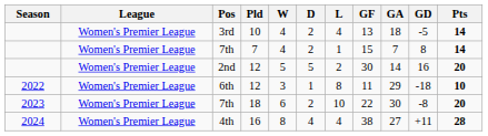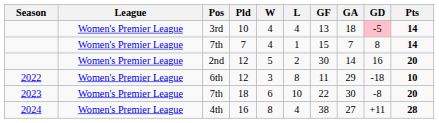 <table class="wikitable" style="width:42em; text-align: center;">
 <tr>
 <th style="width:10%;">Season</th>
 <th style="width:27%;">League</th>
 <th style="width:5%;">Pos</th>
 <th style="width:5%;">Pld</th>
 <th style="width:5%;">W</th>
-<th style="width:5%;">D</th>
 <th style="width:5%;">L</th>
 <th style="width:5%;">GF</th>
 <th style="width:5%;">GA</th>
 <th style="width:5%;">GD</th>
 <th style="width:8%;">Pts</th>
 </tr>
 <tr>
 <td></td>
 <td><a href='#'>Women's Premier League</a></td>
 <td>3rd</td>
 <td>10</td>
 <td>4</td>
-<td>2</td>
 <td>4</td>
 <td>13</td>
 <td>18</td>
-<td>-5</td>
+<td style="background: pink;">-5</td>
 <td><strong>14</strong></td>
 </tr>
 <tr>
 <td></td>
 <td><a href='#'>Women's Premier League</a></td>
 <td>7th</td>
 <td>7</td>
 <td>4</td>
-<td>2</td>
 <td>1</td>
 <td>15</td>
 <td>7</td>
 <td>8</td>
 <td><strong>14</strong></td>
 </tr>
 <tr>
 <td></td>
 <td><a href='#'>Women's Premier League</a></td>
 <td>2nd</td>
 <td>12</td>
-<td>5</td>
 <td>5</td>
 <td>2</td>
 <td>30</td>
 <td>14</td>
 <td>16</td>
 <td><strong>20</strong></td>
 </tr>
 <tr>
 <td><a href='#'>2022</a></td>
 <td><a href='#'>Women's Premier League</a></td>
 <td>6th</td>
 <td>12</td>
 <td>3</td>
-<td>1</td>
 <td>8</td>
 <td>11</td>
 <td>29</td>
 <td>-18</td>
 <td><strong>10</strong></td>
 </tr>
 <tr>
 <td><a href='#'>2023</a></td>
 <td><a href='#'>Women's Premier League</a></td>
 <td>7th</td>
 <td>18</td>
 <td>6</td>
-<td>2</td>
 <td>10</td>
 <td>22</td>
 <td>30</td>
 <td>-8</td>
 <td><strong>20</strong></td>
 </tr>
 <tr>
 <td><a href='#'>2024</a></td>
 <td><a href='#'>Women's Premier League</a></td>
 <td>4th</td>
 <td>16</td>
 <td>8</td>
 <td>4</td>
-<td>4</td>
 <td>38</td>
 <td>27</td>
 <td>+11</td>
 <td><strong>28</strong></td>
 </tr>
 </table>
